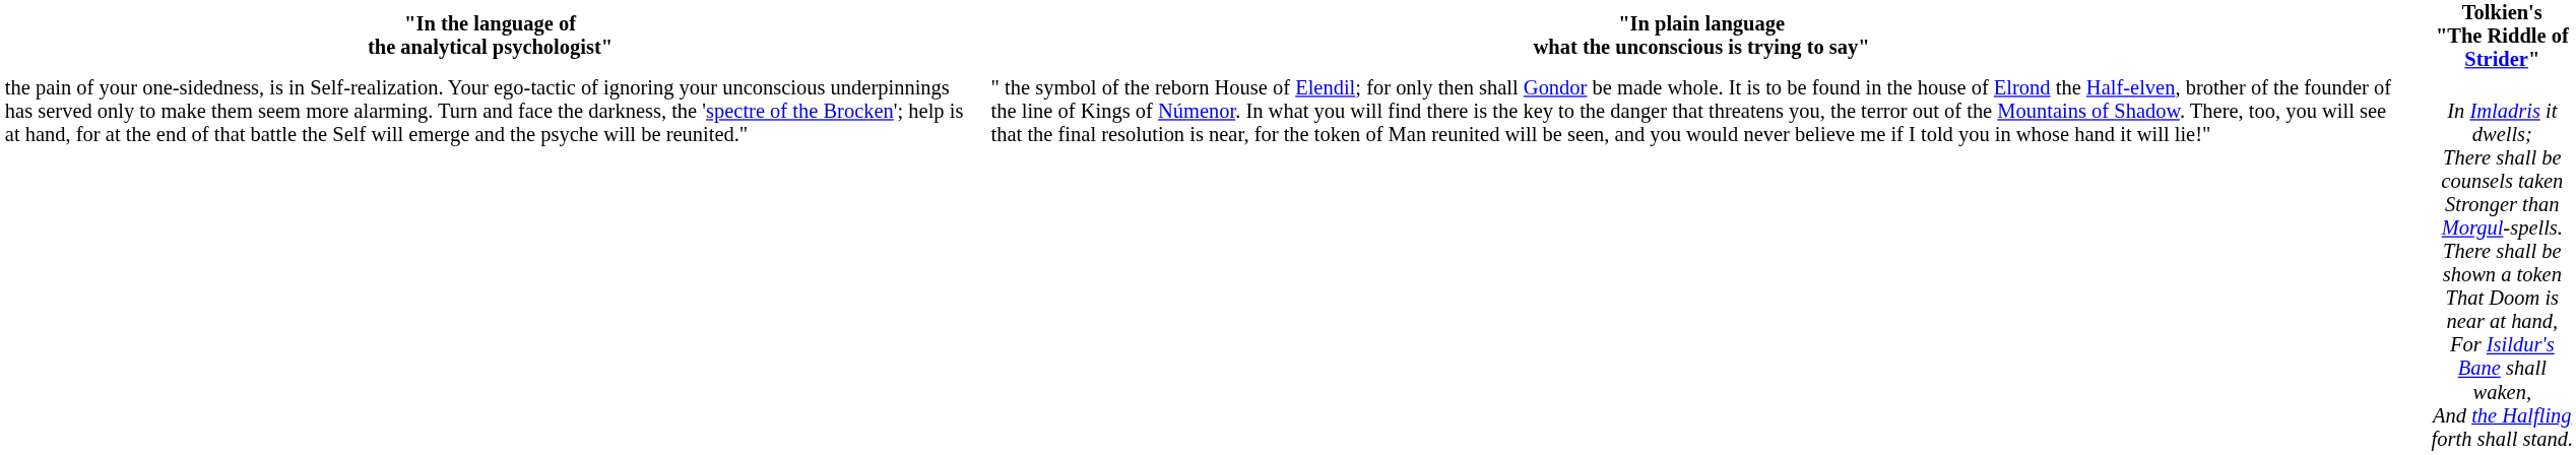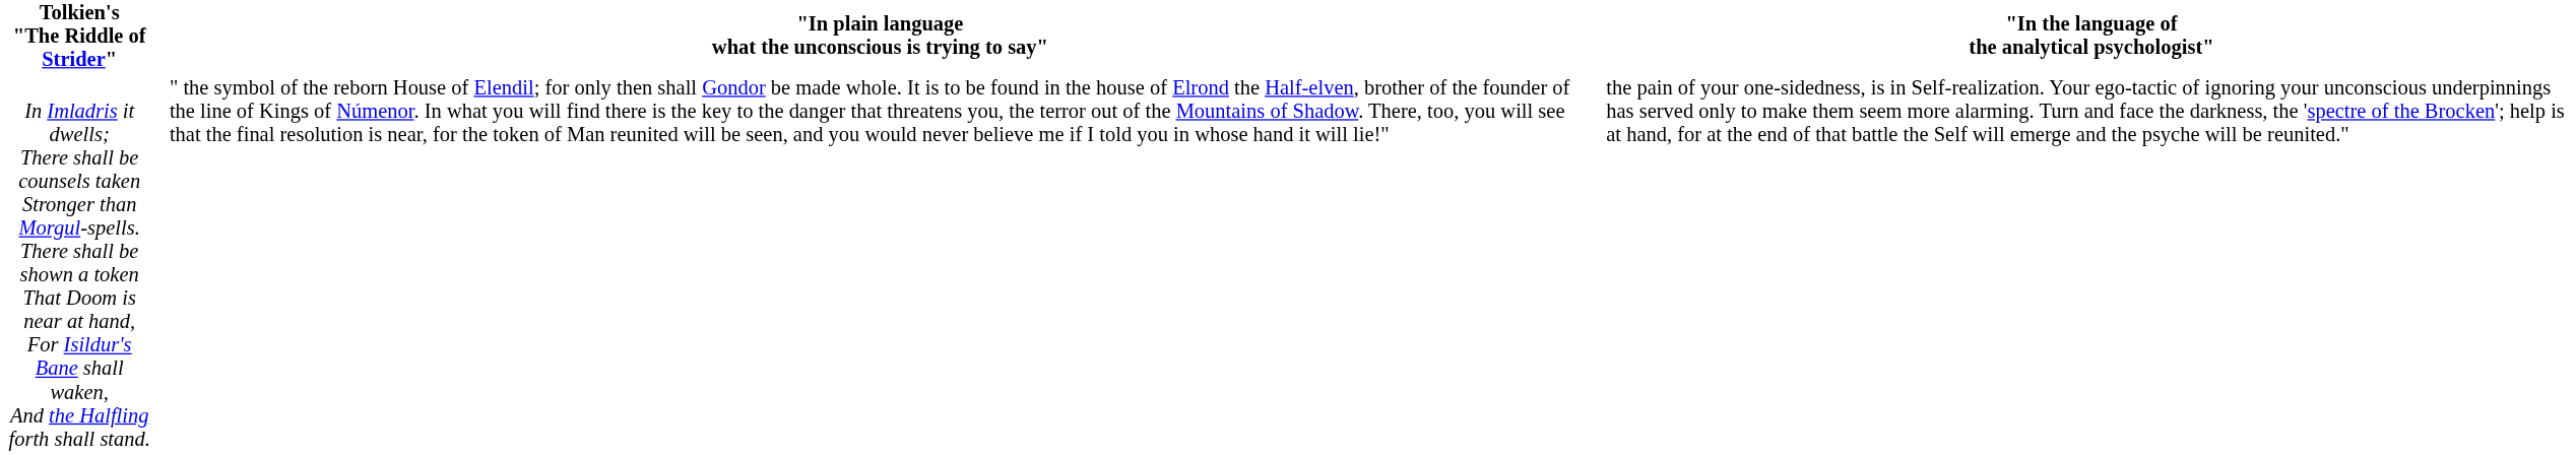 <table>
 <tr>
-<th>"In the language of<br>the analytical psychologist"</th>
+<th>Tolkien's<br>"The Riddle of <a href='#'>Strider</a>"</th>
 <th></th>
 <th>"In plain language<br>what the unconscious is trying to say"</th>
 <th></th>
-<th>Tolkien's<br>"The Riddle of <a href='#'>Strider</a>"</th>
+<th>"In the language of<br>the analytical psychologist"</th>
 </tr>
 <tr>
-<td style="vertical-align:top;"> the pain of your one-sidedness, is in Self-realization. Your ego-tactic of ignoring your unconscious underpinnings has served only to make them seem more alarming. Turn and face the darkness, the '<a href='#'>spectre of the Brocken</a>'; help is at hand, for at the end of that battle the Self will emerge and the psyche will be reunited."<br><br></td>
+<td style="text-align:center; vertical-align:top;"><em><br>In <a href='#'>Imladris</a> it dwells;<br>There shall be counsels taken<br>Stronger than <a href='#'>Morgul</a>-spells.<br>There shall be shown a token<br>That Doom is near at hand,<br>For <a href='#'>Isildur's Bane</a> shall waken,<br>And <a href='#'>the Halfling</a> forth shall stand.</em></td>
 <td> </td>
 <td style="vertical-align:top;">" the symbol of the reborn House of <a href='#'>Elendil</a>; for only then shall <a href='#'>Gondor</a> be made whole. It is to be found in the house of <a href='#'>Elrond</a> the <a href='#'>Half-elven</a>, brother of the founder of the line of Kings of <a href='#'>Númenor</a>. In what you will find there is the key to the danger that threatens you, the terror out of the <a href='#'>Mountains of Shadow</a>. There, too, you will see that the final resolution is near, for the token of Man reunited will be seen, and you would never believe me if I told you in whose hand it will lie!"<br><br></td>
 <td> </td>
-<td style="text-align:center; vertical-align:top;"><em><br>In <a href='#'>Imladris</a> it dwells;<br>There shall be counsels taken<br>Stronger than <a href='#'>Morgul</a>-spells.<br>There shall be shown a token<br>That Doom is near at hand,<br>For <a href='#'>Isildur's Bane</a> shall waken,<br>And <a href='#'>the Halfling</a> forth shall stand.</em></td>
+<td style="vertical-align:top;"> the pain of your one-sidedness, is in Self-realization. Your ego-tactic of ignoring your unconscious underpinnings has served only to make them seem more alarming. Turn and face the darkness, the '<a href='#'>spectre of the Brocken</a>'; help is at hand, for at the end of that battle the Self will emerge and the psyche will be reunited."<br><br></td>
 </tr>
 </table>
